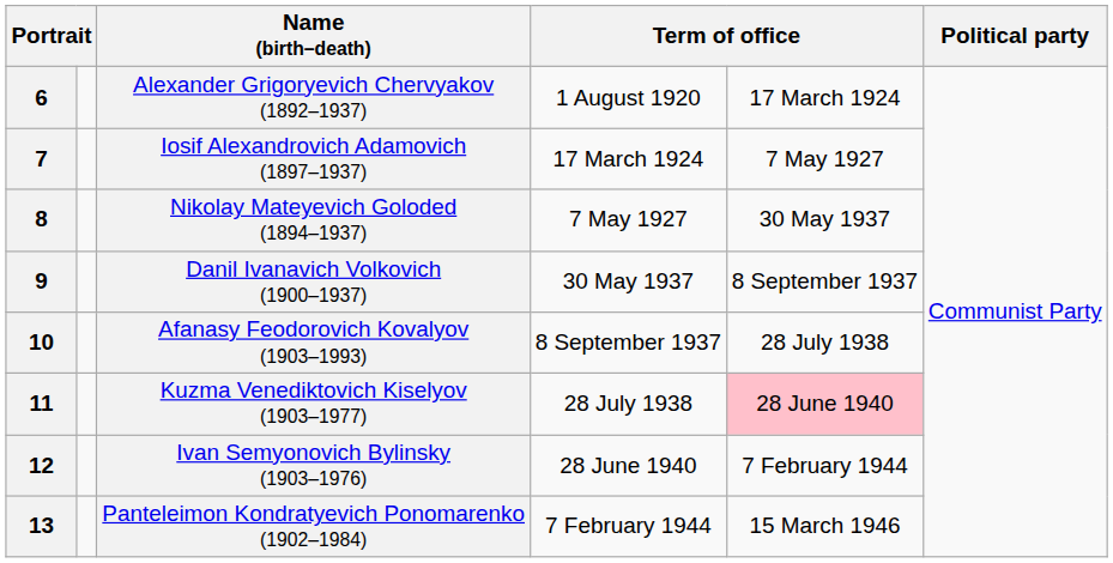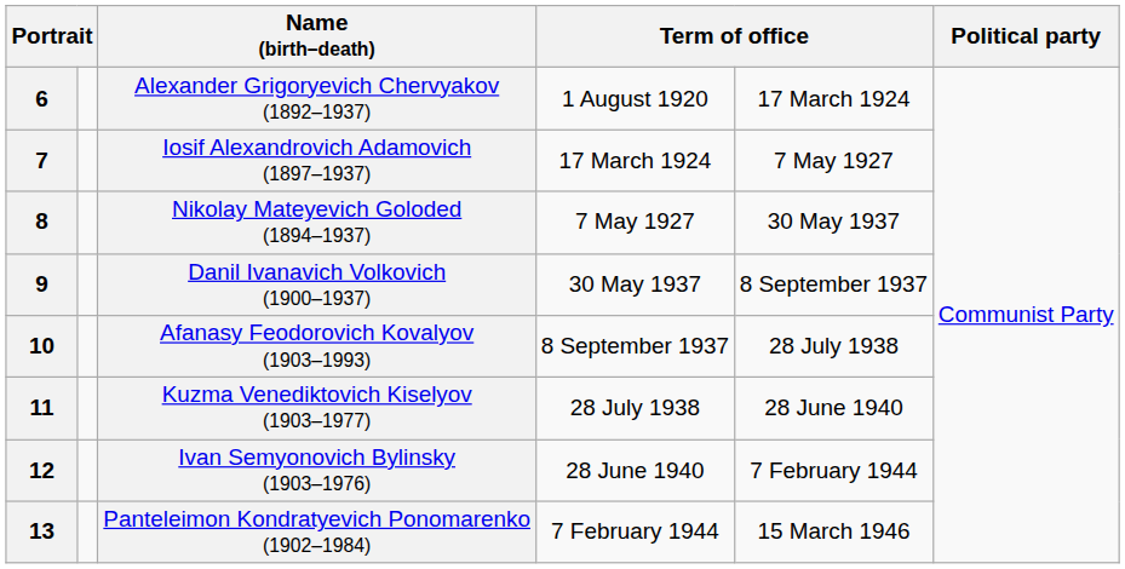 <table class="wikitable" style="text-align:center; margin-left: auto; margin-right: auto; border: none;">
 <tr>
 <th colspan=2>Portrait</th>
 <th>Name<br><small>(birth–death)</small></th>
 <th colspan="2">Term of office</th>
 <th>Political party</th>
 </tr>
 <tr>
 <th style="background:">6</th>
 <td></td>
 <th scope="row" style="font-weight:normal;"><a href='#'>Alexander Grigoryevich Chervyakov</a><br><small>(1892–1937)</small></th>
 <td>1 August 1920</td>
 <td>17 March 1924</td>
 <td rowspan="8"><a href='#'>Communist Party</a></td>
 </tr>
 <tr>
 <th style="background:">7</th>
 <td></td>
 <th scope="row" style="font-weight:normal;"><a href='#'>Iosif Alexandrovich Adamovich</a><br><small>(1897–1937)</small></th>
 <td>17 March 1924</td>
 <td>7 May 1927</td>
 </tr>
 <tr>
 <th style="background:">8</th>
 <td></td>
 <th scope="row" style="font-weight:normal;"><a href='#'>Nikolay Mateyevich Goloded</a><br><small>(1894–1937)</small></th>
 <td>7 May 1927</td>
 <td>30 May 1937</td>
 </tr>
 <tr>
 <th style="background:">9</th>
 <td></td>
 <th scope="row" style="font-weight:normal;"><a href='#'>Danil Ivanavich Volkovich</a><br><small>(1900–1937)</small></th>
 <td>30 May 1937</td>
 <td>8 September 1937</td>
 </tr>
 <tr>
 <th style="background:">10</th>
 <td></td>
 <th scope="row" style="font-weight:normal;"><a href='#'>Afanasy Feodorovich Kovalyov</a><br><small>(1903–1993)</small></th>
 <td>8 September 1937</td>
 <td>28 July 1938</td>
 </tr>
 <tr>
 <th style="background:">11</th>
 <td></td>
 <th scope="row" style="font-weight:normal;"><a href='#'>Kuzma Venediktovich Kiselyov</a><br><small>(1903–1977)</small></th>
 <td>28 July 1938</td>
-<td style="background: pink;">28 June 1940</td>
+<td>28 June 1940</td>
 </tr>
 <tr>
 <th style="background:">12</th>
 <td></td>
 <th scope="row" style="font-weight:normal;"><a href='#'>Ivan Semyonovich Bylinsky</a><br><small>(1903–1976)</small></th>
 <td>28 June 1940</td>
 <td>7 February 1944</td>
 </tr>
 <tr>
 <th style="background:">13</th>
 <td></td>
 <th scope="row" style="font-weight:normal;"><a href='#'>Panteleimon Kondratyevich Ponomarenko</a><br><small>(1902–1984)</small></th>
 <td>7 February 1944</td>
 <td>15 March 1946</td>
 </tr>
 </table>
